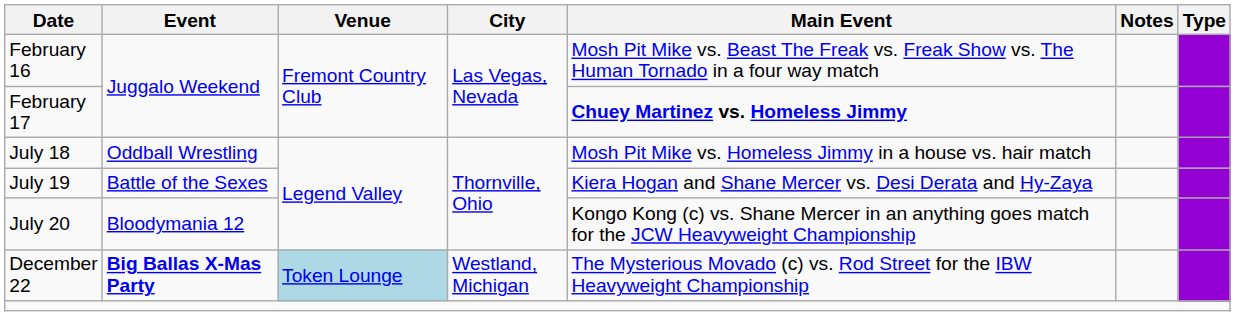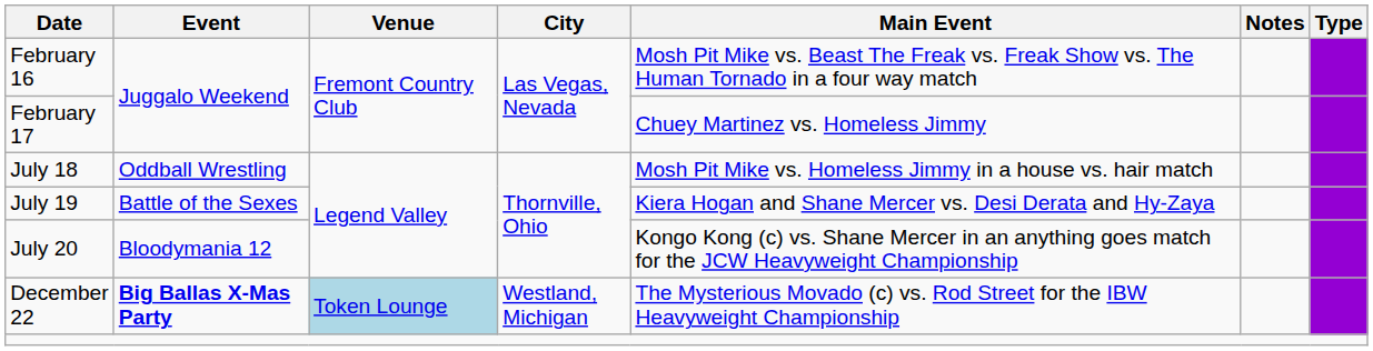 <table class="sortable wikitable succession-box" style="font-size:85%;">
 <tr>
 <th scope="col" style="width:5%;">Date</th>
 <th scope="col" style="width:15%;">Event</th>
 <th scope="col" style="width:15%;">Venue</th>
 <th scope="col" style="width:10%;">City</th>
 <th scope="col" style="width:50%;">Main Event</th>
 <th scope="col" style="width:10%;">Notes</th>
 <th scope="col" style="width:1%;">Type</th>
 </tr>
 <tr>
 <td>February 16</td>
 <td rowspan=2><a href='#'>Juggalo Weekend</a></td>
 <td rowspan=2><a href='#'>Fremont Country Club</a></td>
 <td rowspan=2><a href='#'>Las Vegas, Nevada</a></td>
 <td><a href='#'>Mosh Pit Mike</a> vs. <a href='#'>Beast The Freak</a> vs. <a href='#'>Freak Show</a> vs. <a href='#'>The Human Tornado</a> in a four way match</td>
 <td></td>
 <td style="background: darkviolet"></td>
 </tr>
 <tr>
 <td>February 17</td>
-<td><strong><a href='#'>Chuey Martinez</a> vs. <a href='#'>Homeless Jimmy</a></strong></td>
+<td><a href='#'>Chuey Martinez</a> vs. <a href='#'>Homeless Jimmy</a></td>
 <td></td>
 <td style="background: darkviolet"></td>
 </tr>
 <tr>
 <td>July 18</td>
 <td><a href='#'>Oddball Wrestling</a></td>
 <td rowspan=3><a href='#'>Legend Valley</a></td>
 <td rowspan=3><a href='#'>Thornville, Ohio</a></td>
 <td><a href='#'>Mosh Pit Mike</a> vs. <a href='#'>Homeless Jimmy</a> in a house vs. hair match</td>
 <td></td>
 <td style="background: darkviolet"></td>
 </tr>
 <tr>
 <td>July 19</td>
 <td><a href='#'>Battle of the Sexes</a></td>
 <td><a href='#'>Kiera Hogan</a> and <a href='#'>Shane Mercer</a> vs. <a href='#'>Desi Derata</a> and <a href='#'>Hy-Zaya</a></td>
 <td></td>
 <td style="background: darkviolet"></td>
 </tr>
 <tr>
 <td>July 20</td>
 <td><a href='#'>Bloodymania 12</a></td>
 <td>Kongo Kong (c) vs. Shane Mercer in an anything goes match for the <a href='#'>JCW Heavyweight Championship</a></td>
 <td></td>
 <td style="background: darkviolet"></td>
 </tr>
 <tr>
 <td>December 22</td>
 <td><strong><a href='#'>Big Ballas X-Mas Party</a></strong></td>
 <td style="background: lightblue;"><a href='#'>Token Lounge</a></td>
 <td><a href='#'>Westland, Michigan</a></td>
 <td><a href='#'>The Mysterious Movado</a> (c) vs. <a href='#'>Rod Street</a> for the <a href='#'>IBW Heavyweight Championship</a></td>
 <td></td>
 <td style="background: darkviolet"></td>
 </tr>
 <tr>
 <td colspan="7"></td>
 </tr>
 </table>
